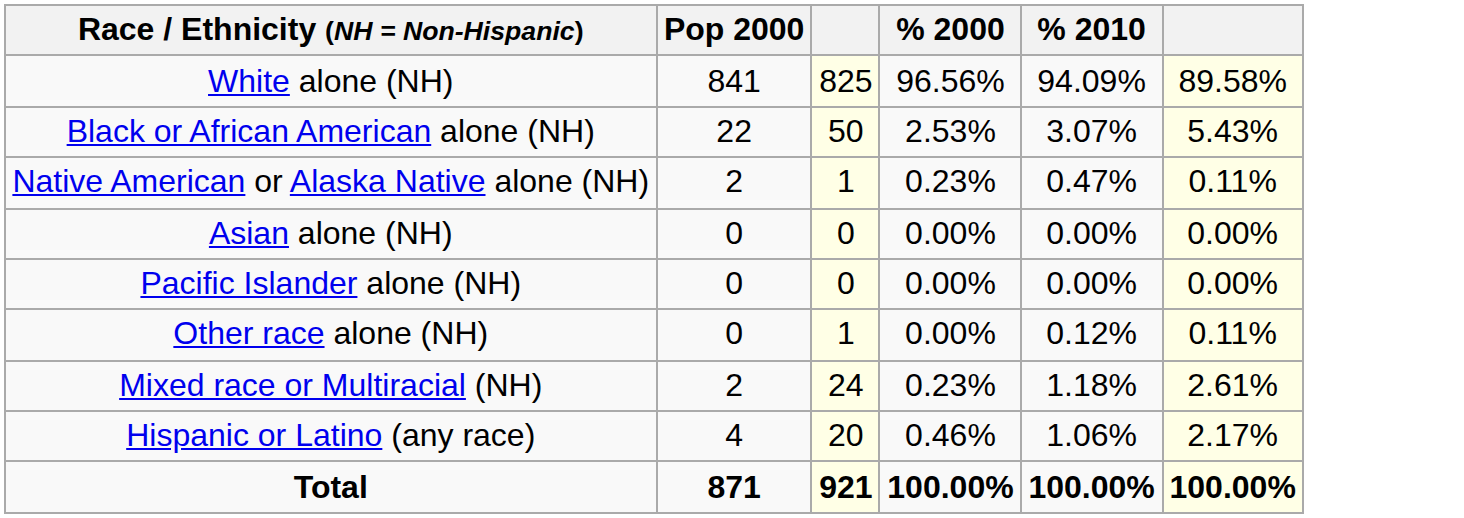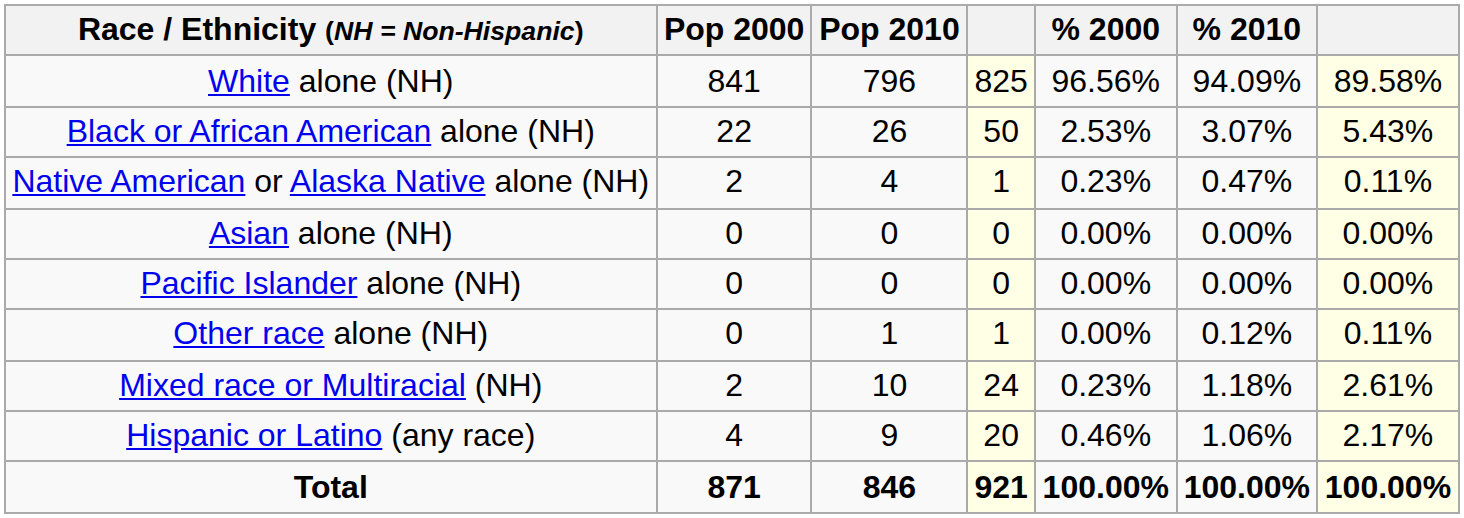 <table class="wikitable" style="text-align:center;">
 <tr>
 <th>Race / Ethnicity <small>(<em>NH = Non-Hispanic</em>)</small></th>
 <th>Pop 2000</th>
+<th>Pop 2010</th>
 <th></th>
 <th>% 2000</th>
 <th>% 2010</th>
 <th></th>
 </tr>
 <tr>
 <td><a href='#'>White</a> alone (NH)</td>
 <td>841</td>
+<td>796</td>
 <td style='background: #ffffe6;'>825</td>
 <td>96.56%</td>
 <td>94.09%</td>
 <td style='background: #ffffe6;'>89.58%</td>
 </tr>
 <tr>
 <td><a href='#'>Black or African American</a> alone (NH)</td>
 <td>22</td>
+<td>26</td>
 <td style='background: #ffffe6;'>50</td>
 <td>2.53%</td>
 <td>3.07%</td>
 <td style='background: #ffffe6;'>5.43%</td>
 </tr>
 <tr>
 <td><a href='#'>Native American</a> or <a href='#'>Alaska Native</a> alone (NH)</td>
 <td>2</td>
+<td>4</td>
 <td style='background: #ffffe6;'>1</td>
 <td>0.23%</td>
 <td>0.47%</td>
 <td style='background: #ffffe6;'>0.11%</td>
 </tr>
 <tr>
 <td><a href='#'>Asian</a> alone (NH)</td>
+<td>0</td>
 <td>0</td>
 <td style='background: #ffffe6;'>0</td>
 <td>0.00%</td>
 <td>0.00%</td>
 <td style='background: #ffffe6;'>0.00%</td>
 </tr>
 <tr>
 <td><a href='#'>Pacific Islander</a> alone (NH)</td>
 <td>0</td>
+<td>0</td>
 <td style='background: #ffffe6;'>0</td>
 <td>0.00%</td>
 <td>0.00%</td>
 <td style='background: #ffffe6;'>0.00%</td>
 </tr>
 <tr>
 <td><a href='#'>Other race</a> alone (NH)</td>
 <td>0</td>
+<td>1</td>
 <td style='background: #ffffe6;'>1</td>
 <td>0.00%</td>
 <td>0.12%</td>
 <td style='background: #ffffe6;'>0.11%</td>
 </tr>
 <tr>
 <td><a href='#'>Mixed race or Multiracial</a> (NH)</td>
 <td>2</td>
+<td>10</td>
 <td style='background: #ffffe6;'>24</td>
 <td>0.23%</td>
 <td>1.18%</td>
 <td style='background: #ffffe6;'>2.61%</td>
 </tr>
 <tr>
 <td><a href='#'>Hispanic or Latino</a> (any race)</td>
 <td>4</td>
+<td>9</td>
 <td style='background: #ffffe6;'>20</td>
 <td>0.46%</td>
 <td>1.06%</td>
 <td style='background: #ffffe6;'>2.17%</td>
 </tr>
 <tr>
 <td><strong>Total</strong></td>
 <td><strong>871</strong></td>
+<td><strong>846</strong></td>
 <td style='background: #ffffe6;'><strong>921</strong></td>
 <td><strong>100.00%</strong></td>
 <td><strong>100.00%</strong></td>
 <td style='background: #ffffe6;'><strong>100.00%</strong></td>
 </tr>
 </table>
